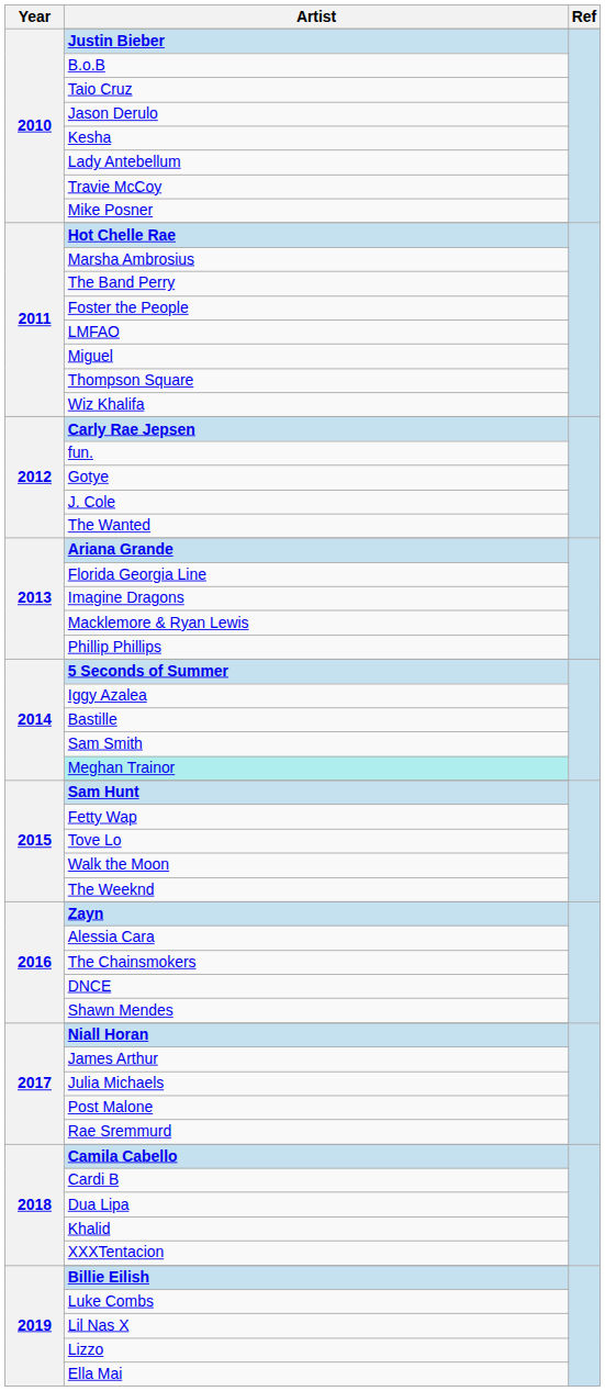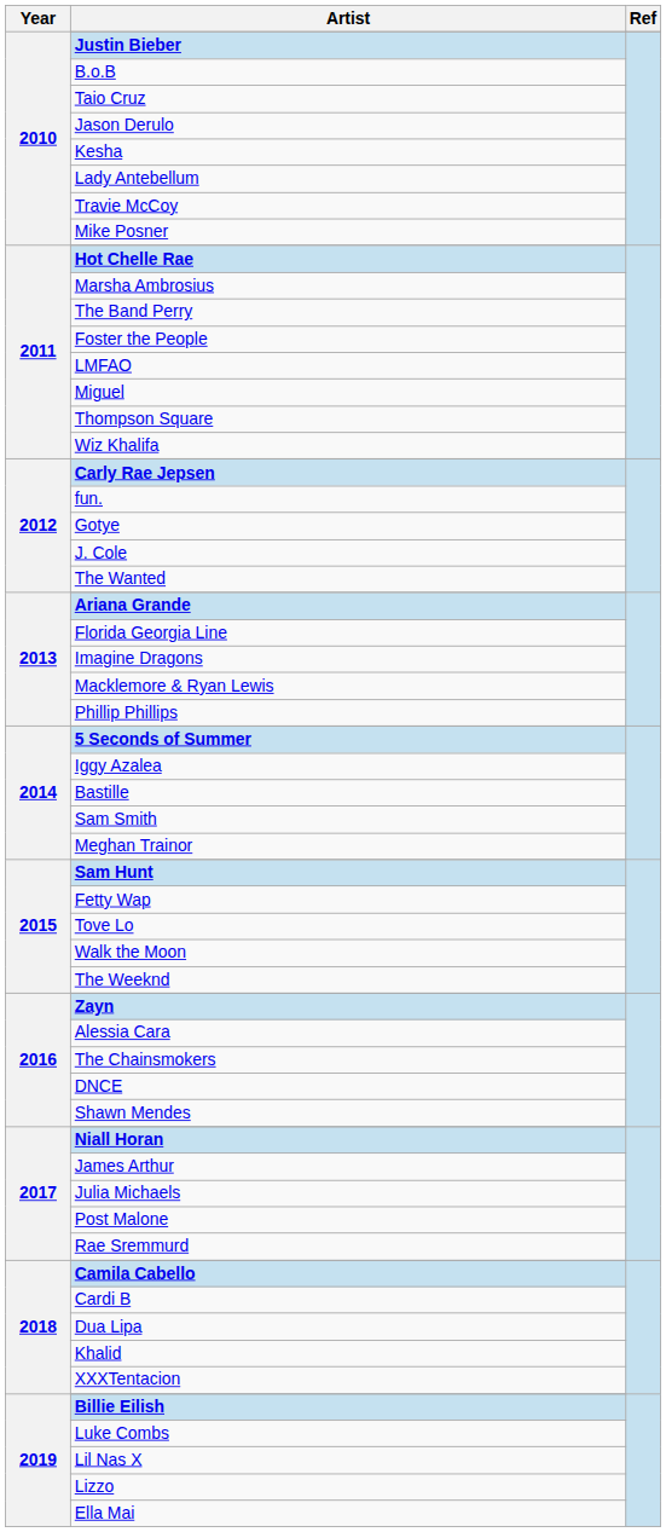 <table class="wikitable" width="100%">
 <tr>
 <th width="10%">Year</th>
 <th width="85%">Artist</th>
 <th width="5%">Ref</th>
 </tr>
 <tr>
 <th rowspan="9" align="center"><a href='#'>2010<br></a></th>
 </tr>
 <tr style="background:#c5e1f0">
 <td><strong><a href='#'>Justin Bieber</a></strong></td>
 <td rowspan="9" align="center"></td>
 </tr>
 <tr>
 <td><a href='#'>B.o.B</a></td>
 </tr>
 <tr>
 <td><a href='#'>Taio Cruz</a></td>
 </tr>
 <tr>
 <td><a href='#'>Jason Derulo</a></td>
 </tr>
 <tr>
 <td><a href='#'>Kesha</a></td>
 </tr>
 <tr>
 <td><a href='#'>Lady Antebellum</a></td>
 </tr>
 <tr>
 <td><a href='#'>Travie McCoy</a></td>
 </tr>
 <tr>
 <td><a href='#'>Mike Posner</a></td>
 </tr>
 <tr>
 <th rowspan="9" align="center"><a href='#'>2011<br></a></th>
 </tr>
 <tr style="background:#c5e1f0">
 <td><strong><a href='#'>Hot Chelle Rae</a></strong></td>
 <td rowspan="9" align="center"></td>
 </tr>
 <tr>
 <td><a href='#'>Marsha Ambrosius</a></td>
 </tr>
 <tr>
 <td><a href='#'>The Band Perry</a></td>
 </tr>
 <tr>
 <td><a href='#'>Foster the People</a></td>
 </tr>
 <tr>
 <td><a href='#'>LMFAO</a></td>
 </tr>
 <tr>
 <td><a href='#'>Miguel</a></td>
 </tr>
 <tr>
 <td><a href='#'>Thompson Square</a></td>
 </tr>
 <tr>
 <td><a href='#'>Wiz Khalifa</a></td>
 </tr>
 <tr>
 <th rowspan="6" align="center"><a href='#'>2012<br></a></th>
 </tr>
 <tr style="background:#c5e1f0">
 <td><strong><a href='#'>Carly Rae Jepsen</a></strong></td>
 <td rowspan="6" align="center"></td>
 </tr>
 <tr>
 <td><a href='#'>fun.</a></td>
 </tr>
 <tr>
 <td><a href='#'>Gotye</a></td>
 </tr>
 <tr>
 <td><a href='#'>J. Cole</a></td>
 </tr>
 <tr>
 <td><a href='#'>The Wanted</a></td>
 </tr>
 <tr>
 <th rowspan="6" align="center"><a href='#'>2013<br></a></th>
 </tr>
 <tr style="background:#c5e1f0">
 <td><strong><a href='#'>Ariana Grande</a></strong></td>
 <td rowspan="6" align="center"></td>
 </tr>
 <tr>
 <td><a href='#'>Florida Georgia Line</a></td>
 </tr>
 <tr>
 <td><a href='#'>Imagine Dragons</a></td>
 </tr>
 <tr>
 <td><a href='#'>Macklemore & Ryan Lewis</a></td>
 </tr>
 <tr>
 <td><a href='#'>Phillip Phillips</a></td>
 </tr>
 <tr>
 <th rowspan="6" align="center"><a href='#'>2014<br></a></th>
 </tr>
 <tr style="background:#c5e1f0">
 <td><strong><a href='#'>5 Seconds of Summer</a></strong></td>
 <td rowspan="6" align="center"></td>
 </tr>
 <tr>
 <td><a href='#'>Iggy Azalea</a></td>
 </tr>
 <tr>
 <td><a href='#'>Bastille</a></td>
 </tr>
 <tr>
 <td><a href='#'>Sam Smith</a></td>
 </tr>
 <tr>
-<td style="background: paleturquoise;"><a href='#'>Meghan Trainor</a></td>
+<td><a href='#'>Meghan Trainor</a></td>
 </tr>
 <tr>
 <th rowspan="6" align="center"><a href='#'>2015<br></a></th>
 </tr>
 <tr style="background:#c5e1f0">
 <td><strong><a href='#'>Sam Hunt</a></strong></td>
 <td rowspan="6" align="center"></td>
 </tr>
 <tr>
 <td><a href='#'>Fetty Wap</a></td>
 </tr>
 <tr>
 <td><a href='#'>Tove Lo</a></td>
 </tr>
 <tr>
 <td><a href='#'>Walk the Moon</a></td>
 </tr>
 <tr>
 <td><a href='#'>The Weeknd</a></td>
 </tr>
 <tr>
 <th rowspan="6" align="center"><a href='#'>2016<br></a></th>
 </tr>
 <tr style="background:#c5e1f0">
 <td><strong><a href='#'>Zayn</a></strong></td>
 <td rowspan="6" align="center"></td>
 </tr>
 <tr>
 <td><a href='#'>Alessia Cara</a></td>
 </tr>
 <tr>
 <td><a href='#'>The Chainsmokers</a></td>
 </tr>
 <tr>
 <td><a href='#'>DNCE</a></td>
 </tr>
 <tr>
 <td><a href='#'>Shawn Mendes</a></td>
 </tr>
 <tr>
 <th rowspan="6" align="center"><a href='#'>2017<br></a></th>
 </tr>
 <tr style="background:#c5e1f0">
 <td><strong><a href='#'>Niall Horan</a></strong></td>
 <td rowspan="6" align="center"></td>
 </tr>
 <tr>
 <td><a href='#'>James Arthur</a></td>
 </tr>
 <tr>
 <td><a href='#'>Julia Michaels</a></td>
 </tr>
 <tr>
 <td><a href='#'>Post Malone</a></td>
 </tr>
 <tr>
 <td><a href='#'>Rae Sremmurd</a></td>
 </tr>
 <tr>
 <th rowspan="6" align="center"><a href='#'>2018<br></a></th>
 </tr>
 <tr style="background:#c5e1f0">
 <td><strong><a href='#'>Camila Cabello</a></strong></td>
 <td rowspan="6" align="center"></td>
 </tr>
 <tr>
 <td><a href='#'>Cardi B</a></td>
 </tr>
 <tr>
 <td><a href='#'>Dua Lipa</a></td>
 </tr>
 <tr>
 <td><a href='#'>Khalid</a></td>
 </tr>
 <tr>
 <td><a href='#'>XXXTentacion</a></td>
 </tr>
 <tr>
 <th rowspan="6" align="center"><a href='#'>2019<br></a></th>
 </tr>
 <tr style="background:#c5e1f0">
 <td><strong><a href='#'>Billie Eilish</a></strong></td>
 <td rowspan="6" align="center"></td>
 </tr>
 <tr>
 <td><a href='#'>Luke Combs</a></td>
 </tr>
 <tr>
 <td><a href='#'>Lil Nas X</a></td>
 </tr>
 <tr>
 <td><a href='#'>Lizzo</a></td>
 </tr>
 <tr>
 <td><a href='#'>Ella Mai</a></td>
 </tr>
 </table>
